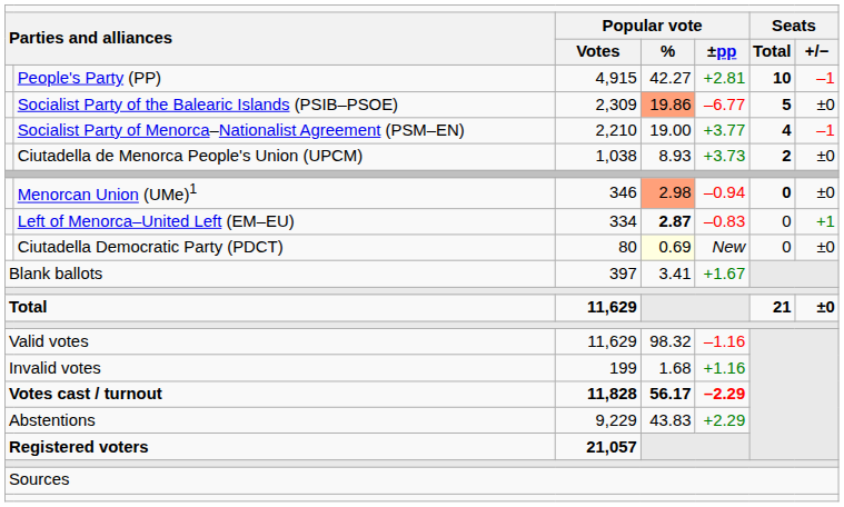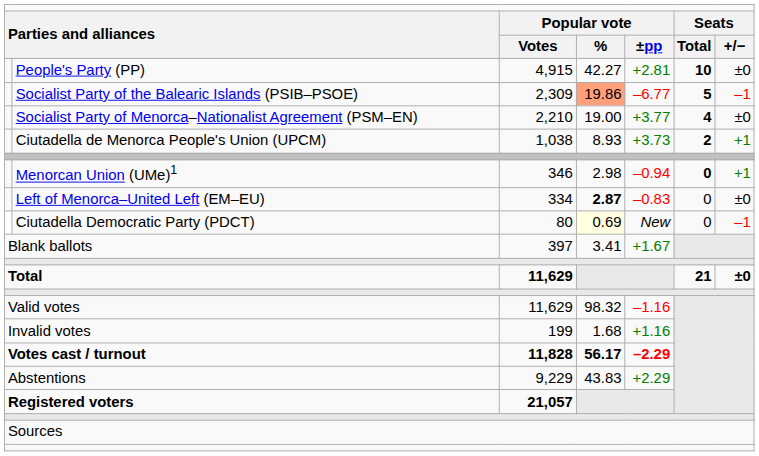 <table class="wikitable" style="text-align:right;">
 <tr>
 <td colspan="7"></td>
 </tr>
 <tr>
 <th style="text-align:left;" rowspan="2" colspan="2" width="525">Parties and alliances</th>
 <th colspan="3">Popular vote</th>
 <th colspan="2">Seats</th>
 </tr>
 <tr>
 <th width="75">Votes</th>
 <th width="45">%</th>
 <th width="45">±<a href='#'>pp</a></th>
 <th width="35">Total</th>
 <th width="35">+/−</th>
 </tr>
 <tr>
 <td width="1" style="color:inherit;background:"></td>
 <td align="left"><a href='#'>People's Party</a> (PP)</td>
 <td>4,915</td>
 <td>42.27</td>
 <td style="color:green;">+2.81</td>
 <td><strong>10</strong></td>
-<td style="color:red;">–1</td>
+<td>±0</td>
 </tr>
 <tr>
 <td style="color:inherit;background:"></td>
 <td align="left"><a href='#'>Socialist Party of the Balearic Islands</a> (PSIB–PSOE)</td>
 <td>2,309</td>
 <td style="background: lightsalmon;">19.86</td>
 <td style="color:red;">–6.77</td>
 <td><strong>5</strong></td>
-<td>±0</td>
+<td style="color:red;">–1</td>
 </tr>
 <tr>
 <td style="color:inherit;background:"></td>
 <td align="left"><a href='#'>Socialist Party of Menorca</a>–<a href='#'>Nationalist Agreement</a> (PSM–EN)</td>
 <td>2,210</td>
 <td>19.00</td>
 <td style="color:green;">+3.77</td>
 <td><strong>4</strong></td>
-<td style="color:red;">–1</td>
+<td>±0</td>
 </tr>
 <tr>
 <td style="color:inherit;background:"></td>
 <td align="left">Ciutadella de Menorca People's Union (UPCM)</td>
 <td>1,038</td>
 <td>8.93</td>
 <td style="color:green;">+3.73</td>
 <td><strong>2</strong></td>
-<td>±0</td>
+<td style="color:green;">+1</td>
 </tr>
 <tr>
 <td colspan="7" style="color:inherit;background:#C0C0C0"></td>
 </tr>
 <tr>
 <td style="color:inherit;background:"></td>
 <td align="left"><a href='#'>Menorcan Union</a> (UMe)<sup>1</sup></td>
 <td>346</td>
-<td style="background: lightsalmon;">2.98</td>
+<td>2.98</td>
 <td style="color:red;">–0.94</td>
 <td><strong>0</strong></td>
-<td>±0</td>
+<td style="color:green;">+1</td>
 </tr>
 <tr>
 <td style="color:inherit;background:"></td>
 <td align="left"><a href='#'>Left of Menorca–United Left</a> (EM–EU)</td>
 <td>334</td>
 <td><strong>2.87</strong></td>
 <td style="color:red;">–0.83</td>
 <td>0</td>
-<td style="color:green;">+1</td>
+<td>±0</td>
 </tr>
 <tr>
 <td bgcolor="white"></td>
 <td align="left">Ciutadella Democratic Party (PDCT)</td>
 <td>80</td>
 <td style="background: lightyellow;">0.69</td>
 <td><em>New</em></td>
 <td>0</td>
-<td>±0</td>
+<td style="color:red;">–1</td>
 </tr>
 <tr>
 <td align="left" colspan="2">Blank ballots</td>
 <td>397</td>
 <td>3.41</td>
 <td style="color:green;">+1.67</td>
 <td style="color:inherit;background:#E9E9E9" colspan="2"></td>
 </tr>
 <tr>
 <td colspan="7" style="color:inherit;background:#E9E9E9"></td>
 </tr>
 <tr style="font-weight:bold;">
 <td align="left" colspan="2">Total</td>
 <td>11,629</td>
 <td bgcolor="#E9E9E9" colspan="2"></td>
 <td>21</td>
 <td>±0</td>
 </tr>
 <tr>
 <td colspan="7" style="color:inherit;background:#E9E9E9"></td>
 </tr>
 <tr>
 <td align="left" colspan="2">Valid votes</td>
 <td>11,629</td>
 <td>98.32</td>
 <td style="color:red;">–1.16</td>
 <td bgcolor="#E9E9E9" colspan="2" rowspan="5"></td>
 </tr>
 <tr>
 <td align="left" colspan="2">Invalid votes</td>
 <td>199</td>
 <td>1.68</td>
 <td style="color:green;">+1.16</td>
 </tr>
 <tr style="font-weight:bold;">
 <td align="left" colspan="2">Votes cast / turnout</td>
 <td>11,828</td>
 <td>56.17</td>
 <td style="color:red;">–2.29</td>
 </tr>
 <tr>
 <td align="left" colspan="2">Abstentions</td>
 <td>9,229</td>
 <td>43.83</td>
 <td style="color:green;">+2.29</td>
 </tr>
 <tr style="font-weight:bold;">
 <td align="left" colspan="2">Registered voters</td>
 <td>21,057</td>
 <td bgcolor="#E9E9E9" colspan="2"></td>
 </tr>
 <tr>
 <td colspan="7" style="color:inherit;background:#E9E9E9"></td>
 </tr>
 <tr>
 <td align="left" colspan="7">Sources</td>
 </tr>
 <tr>
 <td colspan="7" style="text-align:left; max-width:790px;"></td>
 </tr>
 </table>
